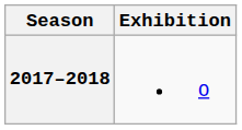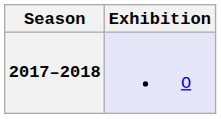 <table class="wikitable" style="text-align:center">
 <tr>
 <th>Season</th>
 <th>Exhibition</th>
 </tr>
 <tr>
 <th>2017–2018</th>
-<td><br><ul><li><a href='#'>O</a> <br></li></ul></td>
+<td style="background: lavender;"><br><ul><li><a href='#'>O</a> <br></li></ul></td>
 </tr>
 </table>
